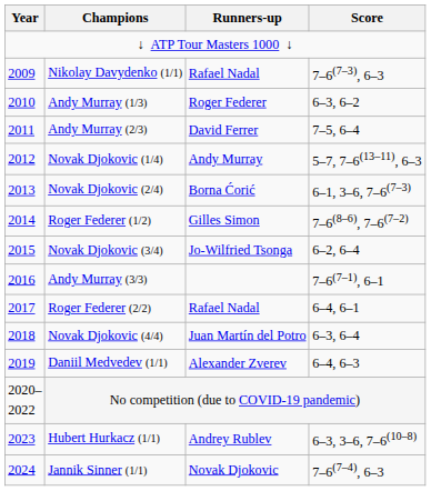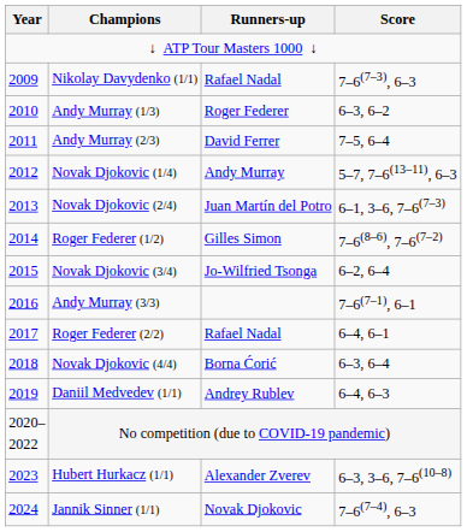 <table class="wikitable sortable" style="font-size:1.00em; line-height:1.5em;">
 <tr>
 <th>Year</th>
 <th>Champions</th>
 <th>Runners-up</th>
 <th class="unsortable">Score</th>
 </tr>
 <tr>
 <td colspan=4 align=center>↓  <a href='#'>ATP Tour Masters 1000</a>  ↓</td>
 </tr>
 <tr>
 <td><a href='#'>2009</a></td>
 <td> <a href='#'>Nikolay Davydenko</a> <small>(1/1)</small></td>
 <td> <a href='#'>Rafael Nadal</a></td>
 <td>7–6<sup>(7–3)</sup>, 6–3</td>
 </tr>
 <tr>
 <td><a href='#'>2010</a></td>
 <td> <a href='#'>Andy Murray</a> <small>(1/3)</small></td>
 <td> <a href='#'>Roger Federer</a></td>
 <td>6–3, 6–2</td>
 </tr>
 <tr>
 <td><a href='#'>2011</a></td>
 <td> <a href='#'>Andy Murray</a> <small>(2/3)</small></td>
 <td> <a href='#'>David Ferrer</a></td>
 <td>7–5, 6–4</td>
 </tr>
 <tr>
 <td><a href='#'>2012</a></td>
 <td> <a href='#'>Novak Djokovic</a> <small>(1/4)</small></td>
 <td> <a href='#'>Andy Murray</a></td>
 <td>5–7, 7–6<sup>(13–11)</sup>, 6–3</td>
 </tr>
 <tr>
 <td><a href='#'>2013</a></td>
 <td> <a href='#'>Novak Djokovic</a> <small>(2/4)</small></td>
-<td> <a href='#'>Borna Ćorić</a></td>
+<td> <a href='#'>Juan Martín del Potro</a></td>
 <td>6–1, 3–6, 7–6<sup>(7–3)</sup></td>
 </tr>
 <tr>
 <td><a href='#'>2014</a></td>
 <td> <a href='#'>Roger Federer</a> <small>(1/2)</small></td>
 <td> <a href='#'>Gilles Simon</a></td>
 <td>7–6<sup>(8–6)</sup>, 7–6<sup>(7–2)</sup></td>
 </tr>
 <tr>
 <td><a href='#'>2015</a></td>
 <td> <a href='#'>Novak Djokovic</a> <small>(3/4)</small></td>
 <td> <a href='#'>Jo-Wilfried Tsonga</a></td>
 <td>6–2, 6–4</td>
 </tr>
 <tr>
 <td><a href='#'>2016</a></td>
 <td> <a href='#'>Andy Murray</a> <small>(3/3)</small></td>
 <td></td>
 <td>7–6<sup>(7–1)</sup>, 6–1</td>
 </tr>
 <tr>
 <td><a href='#'>2017</a></td>
 <td> <a href='#'>Roger Federer</a> <small>(2/2)</small></td>
 <td> <a href='#'>Rafael Nadal</a></td>
 <td>6–4, 6–1</td>
 </tr>
 <tr>
 <td><a href='#'>2018</a></td>
 <td> <a href='#'>Novak Djokovic</a> <small>(4/4)</small></td>
-<td> <a href='#'>Juan Martín del Potro</a></td>
+<td> <a href='#'>Borna Ćorić</a></td>
 <td>6–3, 6–4</td>
 </tr>
 <tr>
 <td><a href='#'>2019</a></td>
 <td> <a href='#'>Daniil Medvedev</a> <small>(1/1)</small></td>
-<td> <a href='#'>Alexander Zverev</a></td>
+<td> <a href='#'>Andrey Rublev</a></td>
 <td>6–4, 6–3</td>
 </tr>
 <tr>
 <td>2020–<br>2022</td>
 <td colspan="3"  style="background:#f5f5f5; text-align:center;">No competition (due to <a href='#'>COVID-19 pandemic</a>)</td>
 </tr>
 <tr>
 <td><a href='#'>2023</a></td>
 <td> <a href='#'>Hubert Hurkacz</a> <small>(1/1)</small></td>
-<td> <a href='#'>Andrey Rublev</a></td>
+<td> <a href='#'>Alexander Zverev</a></td>
 <td>6–3, 3–6, 7–6<sup>(10–8)</sup></td>
 </tr>
 <tr>
 <td><a href='#'>2024</a></td>
 <td> <a href='#'>Jannik Sinner</a> <small>(1/1)</small></td>
 <td> <a href='#'>Novak Djokovic</a></td>
 <td>7–6<sup>(7–4)</sup>, 6–3</td>
 </tr>
 </table>
